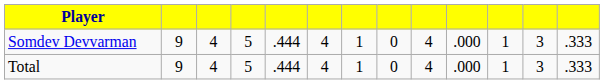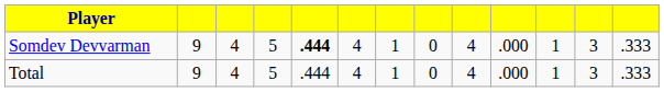 <table class="wikitable" style="text-align:center">
 <tr>
 <th style="background:yellow; color:#00009C" width="200px">Player</th>
 <th style="background:yellow; color:#00009C" width="40px"></th>
 <th style="background:yellow; color:#00009C" width="40px"></th>
 <th style="background:yellow; color:#00009C" width="40px"></th>
 <th style="background:yellow; color:#00009C" width="40px"></th>
 <th style="background:yellow; color:#00009C" width="40px"></th>
 <th style="background:yellow; color:#00009C" width="40px"></th>
 <th style="background:yellow; color:#00009C" width="40px"></th>
 <th style="background:yellow; color:#00009C" width="40px"></th>
 <th style="background:yellow; color:#00009C" width="40px"></th>
 <th style="background:yellow; color:#00009C" width="40px"></th>
 <th style="background:yellow; color:#00009C" width="40px"></th>
 <th style="background:yellow; color:#00009C" width="40px"></th>
 </tr>
 <tr>
 <td style="text-align:left"><a href='#'>Somdev Devvarman</a></td>
 <td>9</td>
 <td>4</td>
 <td>5</td>
-<td>.444</td>
+<td><strong>.444</strong></td>
 <td>4</td>
 <td>1</td>
 <td>0</td>
 <td>4</td>
 <td>.000</td>
 <td>1</td>
 <td>3</td>
 <td>.333</td>
 </tr>
 <tr>
 <td style="text-align:left">Total</td>
 <td>9</td>
 <td>4</td>
 <td>5</td>
 <td>.444</td>
 <td>4</td>
 <td>1</td>
 <td>0</td>
 <td>4</td>
 <td>.000</td>
 <td>1</td>
 <td>3</td>
 <td>.333</td>
 </tr>
 </table>
